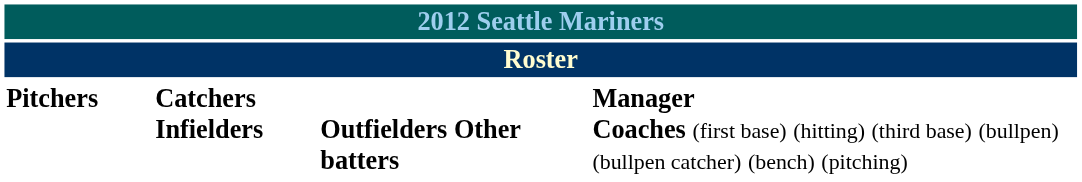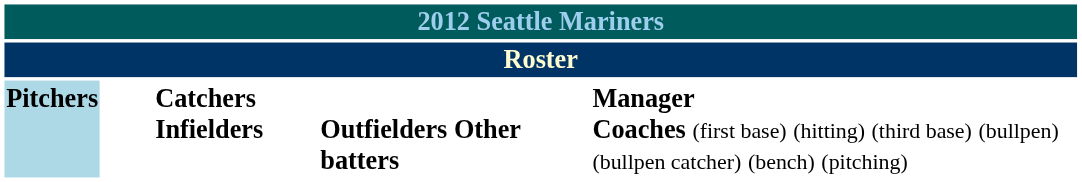 <table class="toccolours" style="font-size: 95%;">
 <tr>
 <th colspan="10" style="background:#005c5c; color:#9eceee; text-align:center;">2012 Seattle Mariners</th>
 </tr>
 <tr>
 <td colspan="10" style="background:#036; color:#fffdd0; text-align:center;"><strong>Roster</strong></td>
 </tr>
 <tr>
-<td valign="top"><strong>Pitchers</strong><br>                 </td>
+<td valign="top" style="background: lightblue;"><strong>Pitchers</strong><br>                 </td>
 <td style="width:25px;"></td>
 <td valign="top"><strong>Catchers</strong><br>   <strong>Infielders</strong>        </td>
 <td style="width:25px;"></td>
 <td valign="top"><br><strong>Outfielders</strong>         <strong>Other batters</strong> </td>
 <td style="width:25px;"></td>
 <td valign="top"><strong>Manager</strong><br> <strong>Coaches</strong>  <small>(first base)</small>  <small>(hitting)</small>  <small>(third base)</small>  <small>(bullpen)</small>  <small>(bullpen catcher)</small>  <small>(bench)</small>  <small>(pitching)</small></td>
 </tr>
 </table>
